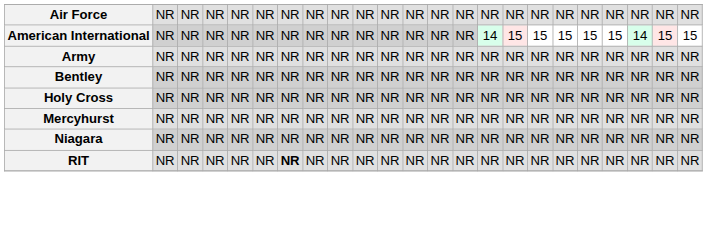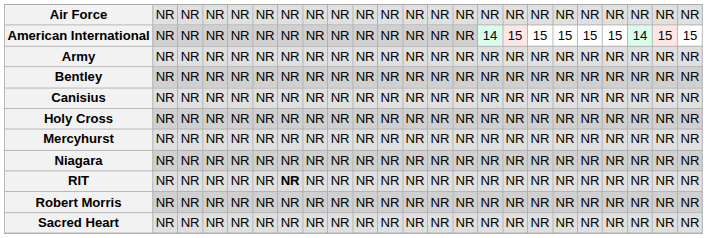 <table class="wikitable sortable" style="text-align: center;">
 <tr>
 </tr>
 <tr>
 <th>Air Force</th>
 <td bgcolor=e0e0e0>NR</td>
 <td bgcolor=e0e0e0>NR</td>
 <td bgcolor=e0e0e0>NR</td>
 <td bgcolor=e0e0e0>NR</td>
 <td bgcolor=e0e0e0>NR</td>
 <td bgcolor=e0e0e0>NR</td>
 <td bgcolor=e0e0e0>NR</td>
 <td bgcolor=e0e0e0>NR</td>
 <td bgcolor=e0e0e0>NR</td>
 <td bgcolor=e0e0e0>NR</td>
 <td bgcolor=e0e0e0>NR</td>
 <td bgcolor=e0e0e0>NR</td>
 <td bgcolor=e0e0e0>NR</td>
 <td bgcolor=e0e0e0>NR</td>
 <td bgcolor=e0e0e0>NR</td>
 <td bgcolor=e0e0e0>NR</td>
 <td bgcolor=e0e0e0>NR</td>
 <td bgcolor=e0e0e0>NR</td>
 <td bgcolor=e0e0e0>NR</td>
 <td bgcolor=e0e0e0>NR</td>
 <td bgcolor=e0e0e0>NR</td>
 <td bgcolor=e0e0e0>NR</td>
 </tr>
 <tr bgcolor=f0f0f0>
 <th>American International</th>
 <td bgcolor=d0d0d0>NR</td>
 <td bgcolor=d0d0d0>NR</td>
 <td bgcolor=d0d0d0>NR</td>
 <td bgcolor=d0d0d0>NR</td>
 <td bgcolor=d0d0d0>NR</td>
 <td bgcolor=d0d0d0>NR</td>
 <td bgcolor=d0d0d0>NR</td>
 <td bgcolor=d0d0d0>NR</td>
 <td bgcolor=d0d0d0>NR</td>
 <td bgcolor=d0d0d0>NR</td>
 <td bgcolor=d0d0d0>NR</td>
 <td bgcolor=d0d0d0>NR</td>
 <td bgcolor=d0d0d0>NR</td>
 <td bgcolor=D8FFEB>14</td>
 <td bgcolor=FFE6E6>15</td>
 <td bgcolor=FFFFFF>15</td>
 <td bgcolor=FFFFFF>15</td>
 <td bgcolor=FFFFFF>15</td>
 <td bgcolor=FFFFFF>15</td>
 <td bgcolor=D8FFEB>14</td>
 <td bgcolor=FFE6E6>15</td>
 <td bgcolor=FFFFFF>15</td>
 </tr>
 <tr>
 <th>Army</th>
 <td bgcolor=e0e0e0>NR</td>
 <td bgcolor=e0e0e0>NR</td>
 <td bgcolor=e0e0e0>NR</td>
 <td bgcolor=e0e0e0>NR</td>
 <td bgcolor=e0e0e0>NR</td>
 <td bgcolor=e0e0e0>NR</td>
 <td bgcolor=e0e0e0>NR</td>
 <td bgcolor=e0e0e0>NR</td>
 <td bgcolor=e0e0e0>NR</td>
 <td bgcolor=e0e0e0>NR</td>
 <td bgcolor=e0e0e0>NR</td>
 <td bgcolor=e0e0e0>NR</td>
 <td bgcolor=e0e0e0>NR</td>
 <td bgcolor=e0e0e0>NR</td>
 <td bgcolor=e0e0e0>NR</td>
 <td bgcolor=e0e0e0>NR</td>
 <td bgcolor=e0e0e0>NR</td>
 <td bgcolor=e0e0e0>NR</td>
 <td bgcolor=e0e0e0>NR</td>
 <td bgcolor=e0e0e0>NR</td>
 <td bgcolor=e0e0e0>NR</td>
 <td bgcolor=e0e0e0>NR</td>
 </tr>
 <tr bgcolor=f0f0f0>
 <th>Bentley</th>
 <td bgcolor=d0d0d0>NR</td>
 <td bgcolor=d0d0d0>NR</td>
 <td bgcolor=d0d0d0>NR</td>
 <td bgcolor=d0d0d0>NR</td>
 <td bgcolor=d0d0d0>NR</td>
 <td bgcolor=d0d0d0>NR</td>
 <td bgcolor=d0d0d0>NR</td>
 <td bgcolor=d0d0d0>NR</td>
 <td bgcolor=d0d0d0>NR</td>
 <td bgcolor=d0d0d0>NR</td>
 <td bgcolor=d0d0d0>NR</td>
 <td bgcolor=d0d0d0>NR</td>
 <td bgcolor=d0d0d0>NR</td>
 <td bgcolor=d0d0d0>NR</td>
 <td bgcolor=d0d0d0>NR</td>
 <td bgcolor=d0d0d0>NR</td>
 <td bgcolor=d0d0d0>NR</td>
 <td bgcolor=d0d0d0>NR</td>
 <td bgcolor=d0d0d0>NR</td>
 <td bgcolor=d0d0d0>NR</td>
 <td bgcolor=d0d0d0>NR</td>
 <td bgcolor=d0d0d0>NR</td>
 </tr>
+<tr>
+<th>Canisius</th>
+<td bgcolor=e0e0e0>NR</td>
+<td bgcolor=e0e0e0>NR</td>
+<td bgcolor=e0e0e0>NR</td>
+<td bgcolor=e0e0e0>NR</td>
+<td bgcolor=e0e0e0>NR</td>
+<td bgcolor=e0e0e0>NR</td>
+<td bgcolor=e0e0e0>NR</td>
+<td bgcolor=e0e0e0>NR</td>
+<td bgcolor=e0e0e0>NR</td>
+<td bgcolor=e0e0e0>NR</td>
+<td bgcolor=e0e0e0>NR</td>
+<td bgcolor=e0e0e0>NR</td>
+<td bgcolor=e0e0e0>NR</td>
+<td bgcolor=e0e0e0>NR</td>
+<td bgcolor=e0e0e0>NR</td>
+<td bgcolor=e0e0e0>NR</td>
+<td bgcolor=e0e0e0>NR</td>
+<td bgcolor=e0e0e0>NR</td>
+<td bgcolor=e0e0e0>NR</td>
+<td bgcolor=e0e0e0>NR</td>
+<td bgcolor=e0e0e0>NR</td>
+<td bgcolor=e0e0e0>NR</td>
+</tr>
 <tr bgcolor=f0f0f0>
 <th>Holy Cross</th>
 <td bgcolor=d0d0d0>NR</td>
 <td bgcolor=d0d0d0>NR</td>
 <td bgcolor=d0d0d0>NR</td>
 <td bgcolor=d0d0d0>NR</td>
 <td bgcolor=d0d0d0>NR</td>
 <td bgcolor=d0d0d0>NR</td>
 <td bgcolor=d0d0d0>NR</td>
 <td bgcolor=d0d0d0>NR</td>
 <td bgcolor=d0d0d0>NR</td>
 <td bgcolor=d0d0d0>NR</td>
 <td bgcolor=d0d0d0>NR</td>
 <td bgcolor=d0d0d0>NR</td>
 <td bgcolor=d0d0d0>NR</td>
 <td bgcolor=d0d0d0>NR</td>
 <td bgcolor=d0d0d0>NR</td>
 <td bgcolor=d0d0d0>NR</td>
 <td bgcolor=d0d0d0>NR</td>
 <td bgcolor=d0d0d0>NR</td>
 <td bgcolor=d0d0d0>NR</td>
 <td bgcolor=d0d0d0>NR</td>
 <td bgcolor=d0d0d0>NR</td>
 <td bgcolor=d0d0d0>NR</td>
 </tr>
 <tr>
 <th>Mercyhurst</th>
 <td bgcolor=e0e0e0>NR</td>
 <td bgcolor=e0e0e0>NR</td>
 <td bgcolor=e0e0e0>NR</td>
 <td bgcolor=e0e0e0>NR</td>
 <td bgcolor=e0e0e0>NR</td>
 <td bgcolor=e0e0e0>NR</td>
 <td bgcolor=e0e0e0>NR</td>
 <td bgcolor=e0e0e0>NR</td>
 <td bgcolor=e0e0e0>NR</td>
 <td bgcolor=e0e0e0>NR</td>
 <td bgcolor=e0e0e0>NR</td>
 <td bgcolor=e0e0e0>NR</td>
 <td bgcolor=e0e0e0>NR</td>
 <td bgcolor=e0e0e0>NR</td>
 <td bgcolor=e0e0e0>NR</td>
 <td bgcolor=e0e0e0>NR</td>
 <td bgcolor=e0e0e0>NR</td>
 <td bgcolor=e0e0e0>NR</td>
 <td bgcolor=e0e0e0>NR</td>
 <td bgcolor=e0e0e0>NR</td>
 <td bgcolor=e0e0e0>NR</td>
 <td bgcolor=e0e0e0>NR</td>
 </tr>
 <tr bgcolor=f0f0f0>
 <th>Niagara</th>
 <td bgcolor=d0d0d0>NR</td>
 <td bgcolor=d0d0d0>NR</td>
 <td bgcolor=d0d0d0>NR</td>
 <td bgcolor=d0d0d0>NR</td>
 <td bgcolor=d0d0d0>NR</td>
 <td bgcolor=d0d0d0>NR</td>
 <td bgcolor=d0d0d0>NR</td>
 <td bgcolor=d0d0d0>NR</td>
 <td bgcolor=d0d0d0>NR</td>
 <td bgcolor=d0d0d0>NR</td>
 <td bgcolor=d0d0d0>NR</td>
 <td bgcolor=d0d0d0>NR</td>
 <td bgcolor=d0d0d0>NR</td>
 <td bgcolor=d0d0d0>NR</td>
 <td bgcolor=d0d0d0>NR</td>
 <td bgcolor=d0d0d0>NR</td>
 <td bgcolor=d0d0d0>NR</td>
 <td bgcolor=d0d0d0>NR</td>
 <td bgcolor=d0d0d0>NR</td>
 <td bgcolor=d0d0d0>NR</td>
 <td bgcolor=d0d0d0>NR</td>
 <td bgcolor=d0d0d0>NR</td>
 </tr>
 <tr>
 <th>RIT</th>
 <td bgcolor=e0e0e0>NR</td>
 <td bgcolor=e0e0e0>NR</td>
 <td bgcolor=e0e0e0>NR</td>
 <td bgcolor=e0e0e0>NR</td>
 <td bgcolor=e0e0e0>NR</td>
 <td bgcolor=e0e0e0><strong>NR</strong></td>
 <td bgcolor=e0e0e0>NR</td>
 <td bgcolor=e0e0e0>NR</td>
 <td bgcolor=e0e0e0>NR</td>
 <td bgcolor=e0e0e0>NR</td>
 <td bgcolor=e0e0e0>NR</td>
 <td bgcolor=e0e0e0>NR</td>
 <td bgcolor=e0e0e0>NR</td>
 <td bgcolor=e0e0e0>NR</td>
 <td bgcolor=e0e0e0>NR</td>
 <td bgcolor=e0e0e0>NR</td>
 <td bgcolor=e0e0e0>NR</td>
 <td bgcolor=e0e0e0>NR</td>
 <td bgcolor=e0e0e0>NR</td>
 <td bgcolor=e0e0e0>NR</td>
 <td bgcolor=e0e0e0>NR</td>
 <td bgcolor=e0e0e0>NR</td>
 </tr>
+<tr bgcolor=f0f0f0>
+<th>Robert Morris</th>
+<td bgcolor=d0d0d0>NR</td>
+<td bgcolor=d0d0d0>NR</td>
+<td bgcolor=d0d0d0>NR</td>
+<td bgcolor=d0d0d0>NR</td>
+<td bgcolor=d0d0d0>NR</td>
+<td bgcolor=d0d0d0>NR</td>
+<td bgcolor=d0d0d0>NR</td>
+<td bgcolor=d0d0d0>NR</td>
+<td bgcolor=d0d0d0>NR</td>
+<td bgcolor=d0d0d0>NR</td>
+<td bgcolor=d0d0d0>NR</td>
+<td bgcolor=d0d0d0>NR</td>
+<td bgcolor=d0d0d0>NR</td>
+<td bgcolor=d0d0d0>NR</td>
+<td bgcolor=d0d0d0>NR</td>
+<td bgcolor=d0d0d0>NR</td>
+<td bgcolor=d0d0d0>NR</td>
+<td bgcolor=d0d0d0>NR</td>
+<td bgcolor=d0d0d0>NR</td>
+<td bgcolor=d0d0d0>NR</td>
+<td bgcolor=d0d0d0>NR</td>
+<td bgcolor=d0d0d0>NR</td>
+</tr>
+<tr bgcolor=f0f0f0>
+<th>Sacred Heart</th>
+<td bgcolor=e0e0e0>NR</td>
+<td bgcolor=e0e0e0>NR</td>
+<td bgcolor=e0e0e0>NR</td>
+<td bgcolor=e0e0e0>NR</td>
+<td bgcolor=e0e0e0>NR</td>
+<td bgcolor=e0e0e0>NR</td>
+<td bgcolor=e0e0e0>NR</td>
+<td bgcolor=e0e0e0>NR</td>
+<td bgcolor=e0e0e0>NR</td>
+<td bgcolor=e0e0e0>NR</td>
+<td bgcolor=e0e0e0>NR</td>
+<td bgcolor=e0e0e0>NR</td>
+<td bgcolor=e0e0e0>NR</td>
+<td bgcolor=e0e0e0>NR</td>
+<td bgcolor=e0e0e0>NR</td>
+<td bgcolor=e0e0e0>NR</td>
+<td bgcolor=e0e0e0>NR</td>
+<td bgcolor=e0e0e0>NR</td>
+<td bgcolor=e0e0e0>NR</td>
+<td bgcolor=e0e0e0>NR</td>
+<td bgcolor=e0e0e0>NR</td>
+<td bgcolor=e0e0e0>NR</td>
+</tr>
 <tr>
 </tr>
 </table>
